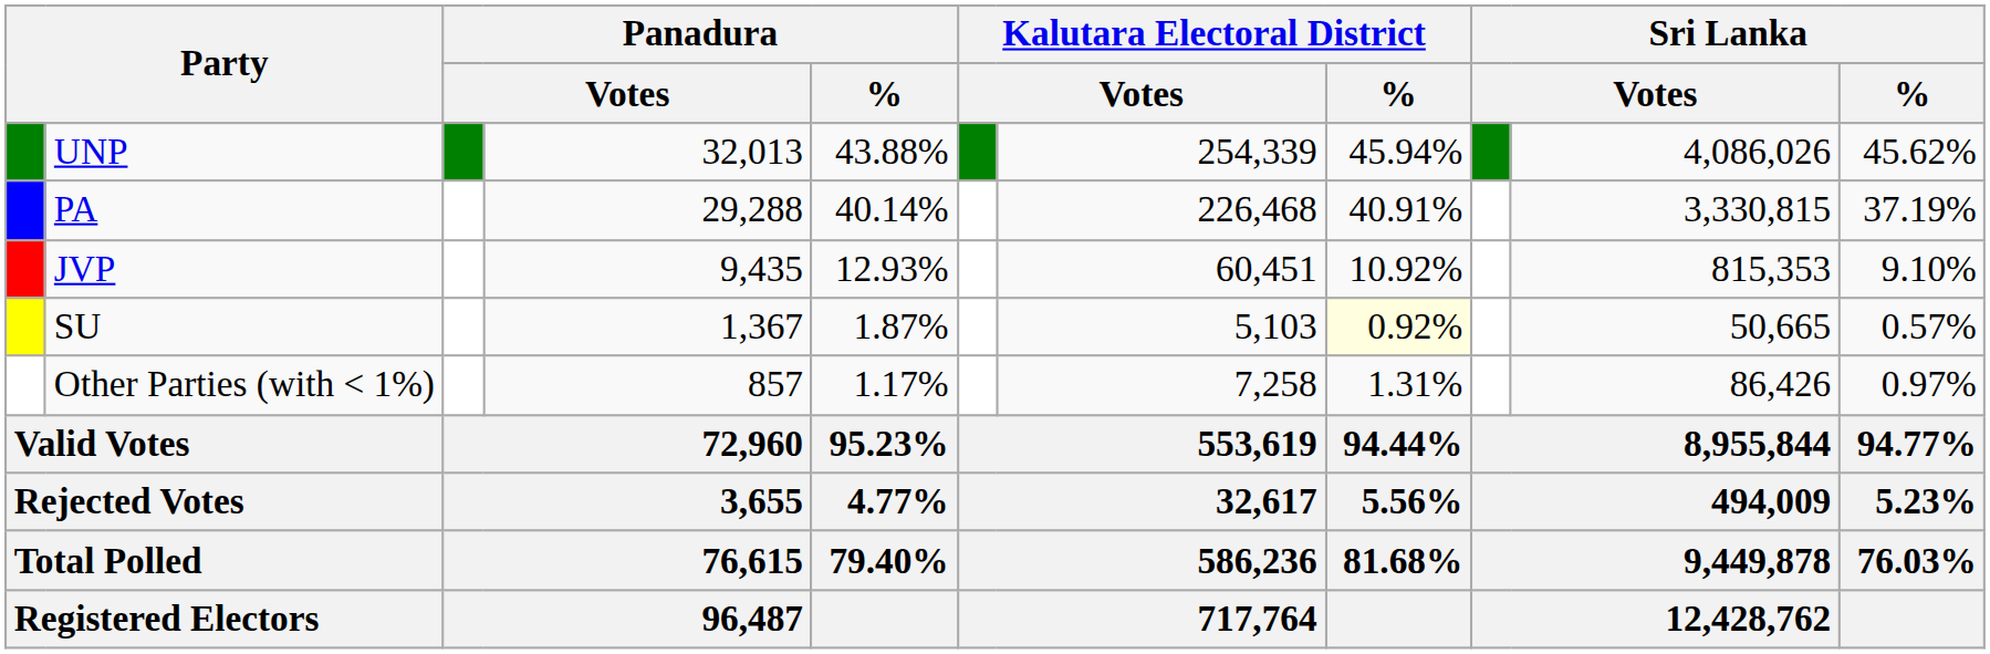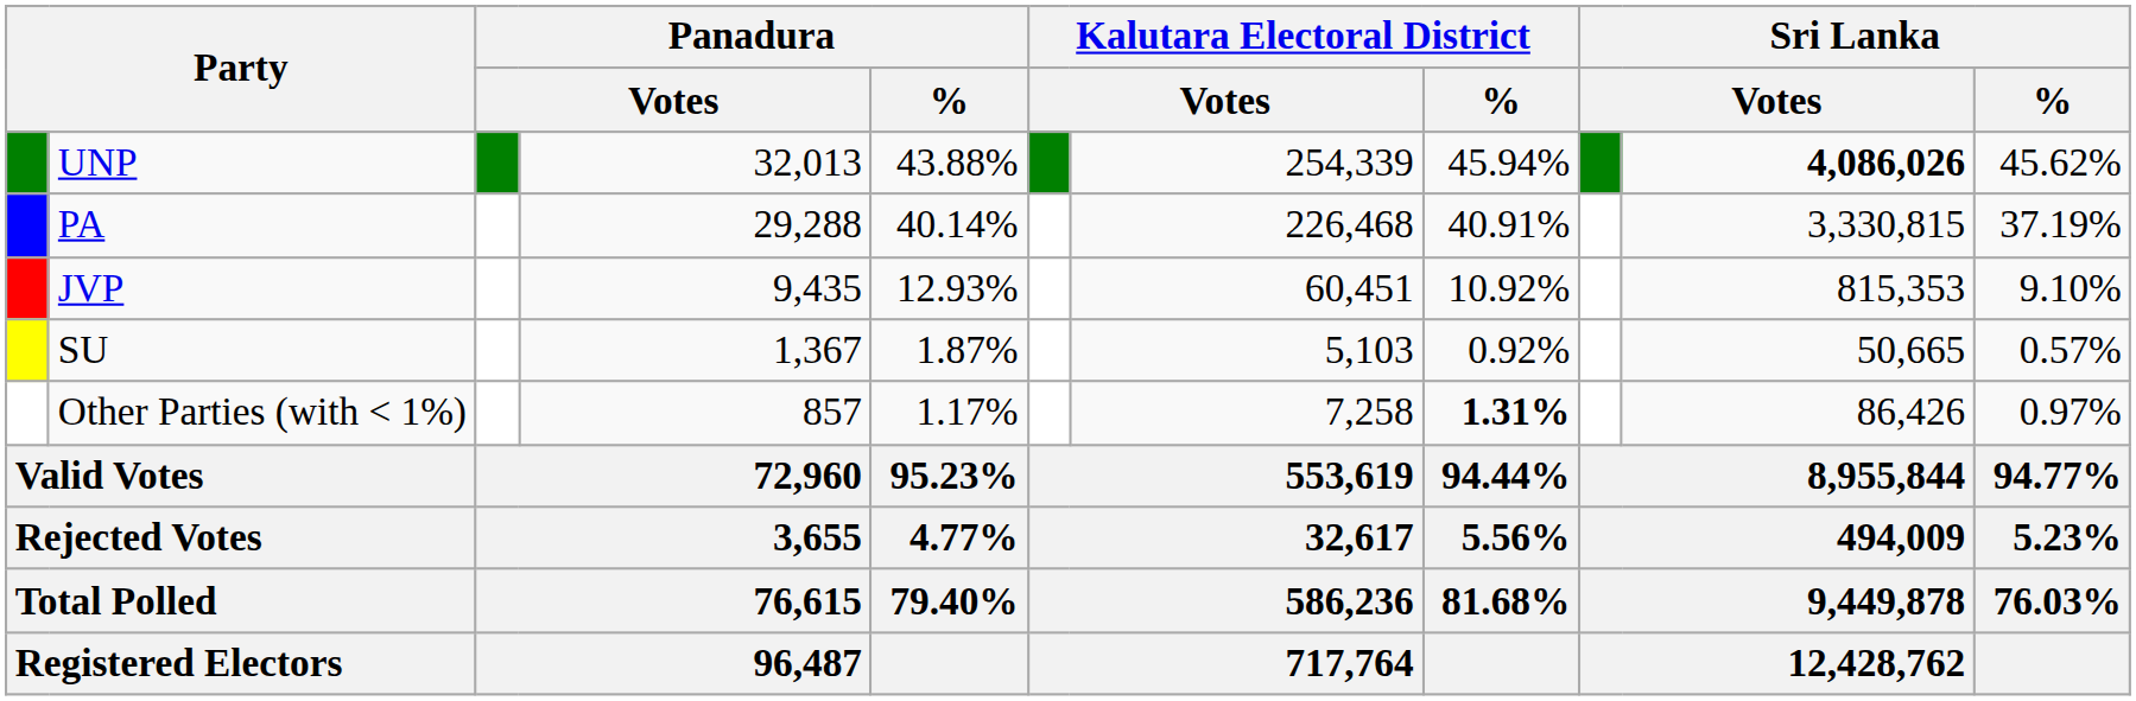 <table class="wikitable">
 <tr>
 <th colspan="2" width="144px"rowspan="2">Party</th>
 <th colspan="3" width="216px">Panadura</th>
 <th colspan="3" width="216px"><a href='#'>Kalutara Electoral District</a></th>
 <th colspan="3" width="216px">Sri Lanka</th>
 </tr>
 <tr>
 <th colspan="2" width="144px">Votes</th>
 <th>%</th>
 <th colspan="2" width="144px">Votes</th>
 <th>%</th>
 <th colspan="2" width="144px">Votes</th>
 <th>%</th>
 </tr>
 <tr>
 <td style="background-color:green;" width="10px"></td>
 <td style="text-align:left;"><a href='#'>UNP</a></td>
 <td style="background-color:green;" width="10px"></td>
 <td style="text-align:right;">32,013</td>
 <td style="text-align:right;">43.88%</td>
 <td style="background-color:green;" width="10px"></td>
 <td style="text-align:right;">254,339</td>
 <td style="text-align:right;">45.94%</td>
 <td style="background-color:green;" width="10px"></td>
-<td style="text-align:right;">4,086,026</td>
+<td style="text-align:right;"><strong>4,086,026</strong></td>
 <td style="text-align:right;">45.62%</td>
 </tr>
 <tr>
 <td style="background-color:blue;" width="10px"></td>
 <td style="text-align:left;"><a href='#'>PA</a></td>
 <td style="background-color:white;" width="10px"></td>
 <td style="text-align:right;">29,288</td>
 <td style="text-align:right;">40.14%</td>
 <td style="background-color:white;" width="10px"></td>
 <td style="text-align:right;">226,468</td>
 <td style="text-align:right;">40.91%</td>
 <td style="background-color:white;" width="10px"></td>
 <td style="text-align:right;">3,330,815</td>
 <td style="text-align:right;">37.19%</td>
 </tr>
 <tr>
 <td style="background-color:red;" width="10px"></td>
 <td style="text-align:left;"><a href='#'>JVP</a></td>
 <td style="background-color:white;" width="10px"></td>
 <td style="text-align:right;">9,435</td>
 <td style="text-align:right;">12.93%</td>
 <td style="background-color:white;" width="10px"></td>
 <td style="text-align:right;">60,451</td>
 <td style="text-align:right;">10.92%</td>
 <td style="background-color:white;" width="10px"></td>
 <td style="text-align:right;">815,353</td>
 <td style="text-align:right;">9.10%</td>
 </tr>
 <tr>
 <td style="background-color:yellow;" width="10px"></td>
 <td style="text-align:left;">SU</td>
 <td style="background-color:white;" width="10px"></td>
 <td style="text-align:right;">1,367</td>
 <td style="text-align:right;">1.87%</td>
 <td style="background-color:white;" width="10px"></td>
 <td style="text-align:right;">5,103</td>
-<td style="background: lightyellow; text-align:right;">0.92%</td>
+<td style="text-align:right;">0.92%</td>
 <td style="background-color:white;" width="10px"></td>
 <td style="text-align:right;">50,665</td>
 <td style="text-align:right;">0.57%</td>
 </tr>
 <tr>
 <td style="background-color:white;" width="10px"></td>
 <td style="text-align:left;">Other Parties (with < 1%)</td>
 <td style="background-color:white;" width="10px"></td>
 <td style="text-align:right;">857</td>
 <td style="text-align:right;">1.17%</td>
 <td style="background-color:white;" width="10px"></td>
 <td style="text-align:right;">7,258</td>
-<td style="text-align:right;">1.31%</td>
+<td style="text-align:right;"><strong>1.31%</strong></td>
 <td style="background-color:white;" width="10px"></td>
 <td style="text-align:right;">86,426</td>
 <td style="text-align:right;">0.97%</td>
 </tr>
 <tr>
 <th colspan="2" width="144px"style="text-align:left;">Valid Votes</th>
 <th style="text-align:right;"colspan="2" width="144px">72,960</th>
 <th style="text-align:right;">95.23%</th>
 <th style="text-align:right;"colspan="2" width="144px">553,619</th>
 <th style="text-align:right;">94.44%</th>
 <th style="text-align:right;"colspan="2" width="144px">8,955,844</th>
 <th style="text-align:right;">94.77%</th>
 </tr>
 <tr>
 <th colspan="2" width="144px"style="text-align:left;">Rejected Votes</th>
 <th style="text-align:right;"colspan="2" width="144px">3,655</th>
 <th style="text-align:right;">4.77%</th>
 <th style="text-align:right;"colspan="2" width="144px">32,617</th>
 <th style="text-align:right;">5.56%</th>
 <th style="text-align:right;"colspan="2" width="144px">494,009</th>
 <th style="text-align:right;">5.23%</th>
 </tr>
 <tr>
 <th colspan="2" width="144px"style="text-align:left;">Total Polled</th>
 <th style="text-align:right;"colspan="2" width="144px">76,615</th>
 <th style="text-align:right;">79.40%</th>
 <th style="text-align:right;"colspan="2" width="144px">586,236</th>
 <th style="text-align:right;">81.68%</th>
 <th style="text-align:right;"colspan="2" width="144px">9,449,878</th>
 <th style="text-align:right;">76.03%</th>
 </tr>
 <tr>
 <th colspan="2" width="144px"style="text-align:left;">Registered Electors</th>
 <th style="text-align:right;"colspan="2" width="144px">96,487</th>
 <th></th>
 <th style="text-align:right;"colspan="2" width="144px">717,764</th>
 <th></th>
 <th style="text-align:right;"colspan="2" width="144px">12,428,762</th>
 <th></th>
 </tr>
 </table>
